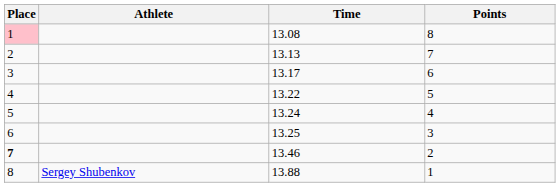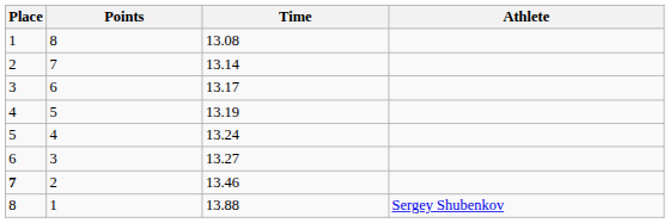 <table class=wikitable>
 <tr>
 <th>Place</th>
+<th style="width:10em">Points</th>
+<th style="width:12em">Time</th>
 <th style="width:18em">Athlete</th>
-<th style="width:12em">Time</th>
-<th style="width:10em">Points</th>
 </tr>
 <tr>
-<td style="background: pink;">1</td>
+<td>1</td>
+<td>8</td>
+<td>13.08</td>
 <td></td>
-<td>13.08</td>
-<td>8</td>
 </tr>
 <tr>
 <td>2</td>
+<td>7</td>
+<td>13.14</td>
 <td></td>
-<td>13.13</td>
-<td>7</td>
 </tr>
 <tr>
 <td>3</td>
+<td>6</td>
+<td>13.17 </td>
 <td></td>
-<td>13.17 </td>
-<td>6</td>
 </tr>
 <tr>
 <td>4</td>
+<td>5</td>
+<td>13.19</td>
 <td></td>
-<td>13.22</td>
-<td>5</td>
 </tr>
 <tr>
 <td>5</td>
+<td>4</td>
+<td>13.24</td>
 <td></td>
-<td>13.24</td>
-<td>4</td>
 </tr>
 <tr>
 <td>6</td>
+<td>3</td>
+<td>13.27</td>
 <td></td>
-<td>13.25</td>
-<td>3</td>
 </tr>
 <tr>
 <td><strong>7</strong></td>
+<td>2</td>
+<td>13.46</td>
 <td></td>
-<td>13.46</td>
-<td>2</td>
 </tr>
 <tr>
 <td>8</td>
+<td>1</td>
+<td>13.88</td>
 <td align=left> <a href='#'>Sergey Shubenkov</a></td>
-<td>13.88</td>
-<td>1</td>
 </tr>
 </table>
